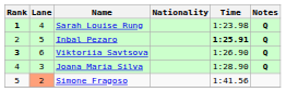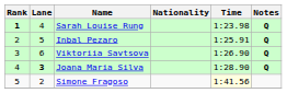 <table class="wikitable">
 <tr>
 <th>Rank</th>
 <th>Lane</th>
 <th>Name</th>
 <th>Nationality</th>
 <th>Time</th>
 <th>Notes</th>
 </tr>
 <tr bgcolor=ccffcc>
 <td align=center><strong>1</strong></td>
 <td align=center>4</td>
 <td><a href='#'>Sarah Louise Rung</a></td>
 <td></td>
 <td align=center>1:23.98</td>
 <td align=center><strong>Q</strong></td>
 </tr>
 <tr bgcolor=ccffcc>
 <td align=center>2</td>
 <td align=center>5</td>
 <td><a href='#'>Inbal Pezaro</a></td>
 <td></td>
-<td align=center><strong>1:25.91</strong></td>
+<td align=center>1:25.91</td>
 <td align=center><strong>Q</strong></td>
 </tr>
 <tr bgcolor=ccffcc>
-<td align=center><strong>3</strong></td>
+<td align=center>3</td>
 <td align=center>6</td>
 <td><a href='#'>Viktoriia Savtsova</a></td>
 <td></td>
 <td align=center>1:26.90</td>
 <td align=center><strong>Q</strong></td>
 </tr>
 <tr bgcolor=ccffcc>
 <td align=center>4</td>
-<td align=center>3</td>
+<td align=center><strong>3</strong></td>
 <td><a href='#'>Joana Maria Silva</a></td>
 <td></td>
 <td align=center>1:28.90</td>
 <td align=center><strong>Q</strong></td>
 </tr>
 <tr>
 <td align=center>5</td>
-<td align=center style="background: lightsalmon;">2</td>
+<td align=center>2</td>
 <td><a href='#'>Simone Fragoso</a></td>
 <td></td>
-<td align=center>1:41.56</td>
+<td align=center style="background: lightyellow;">1:41.56</td>
 <td align=center></td>
 </tr>
 <tr>
 </tr>
 </table>
